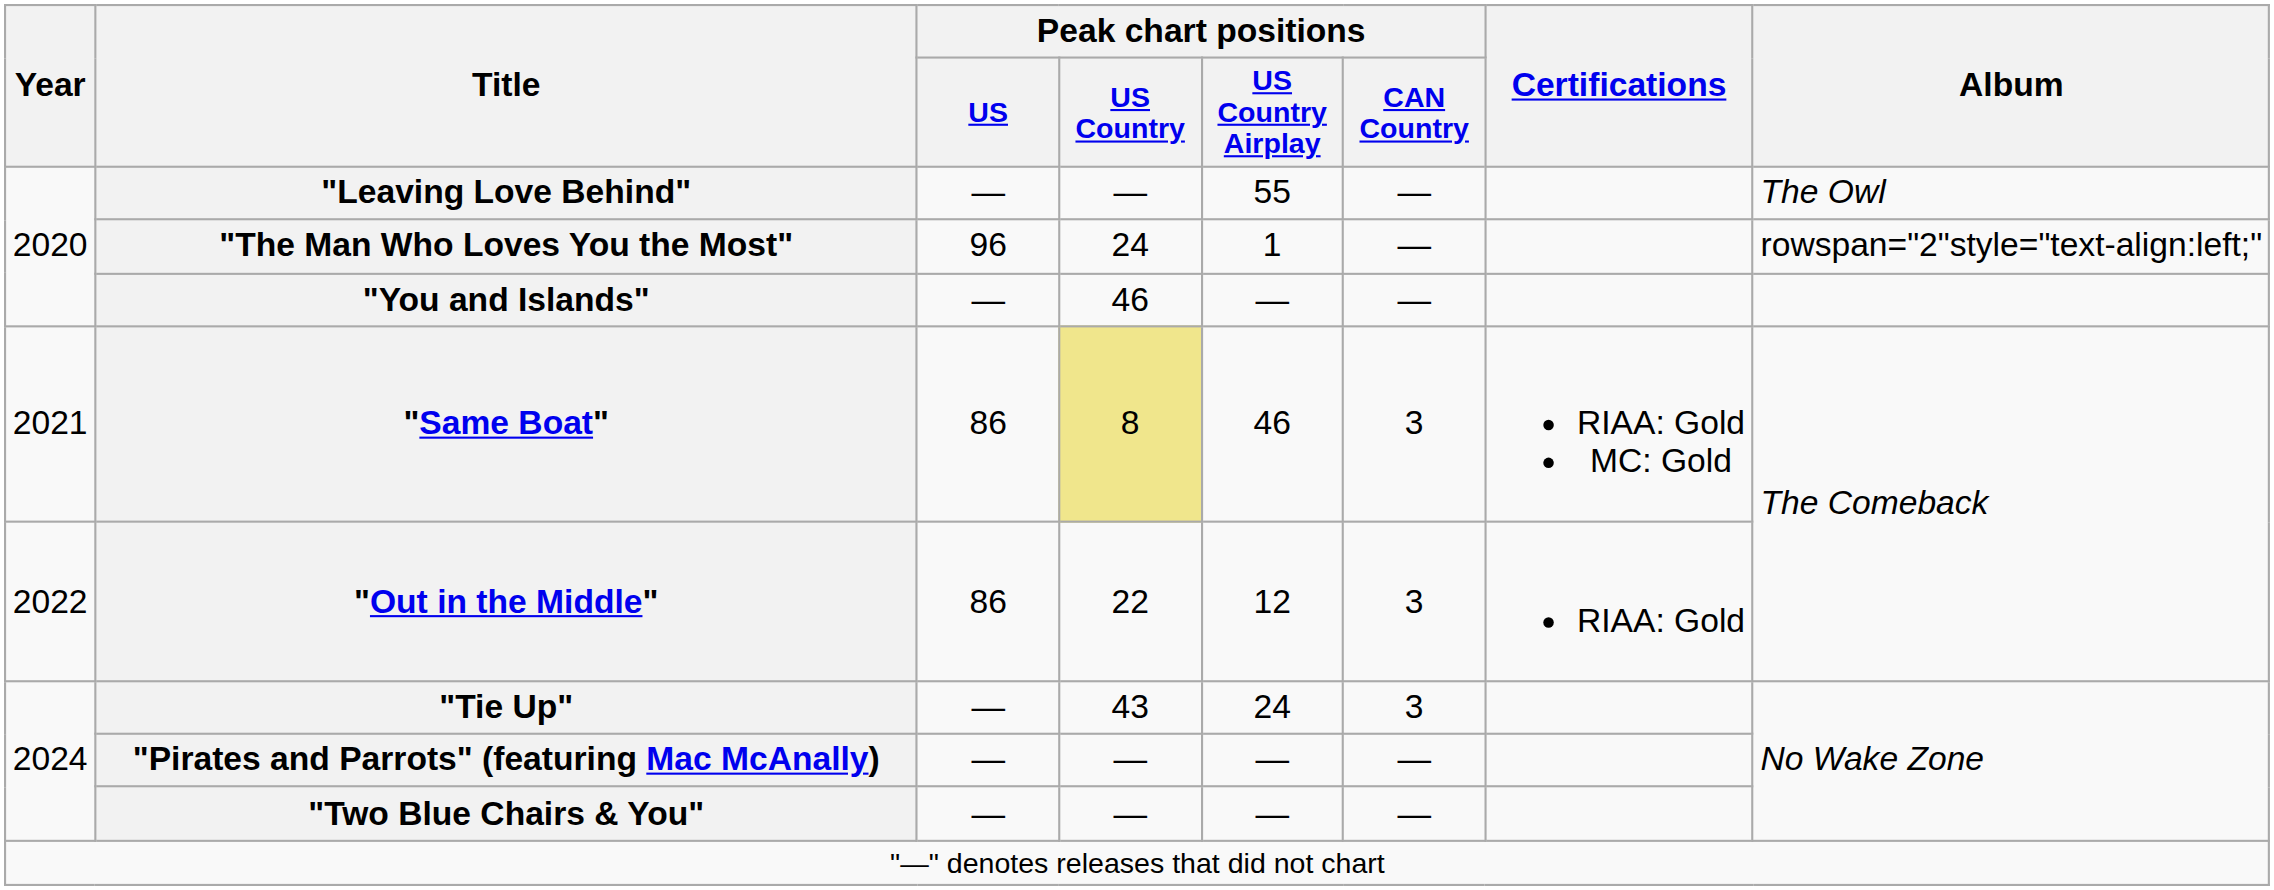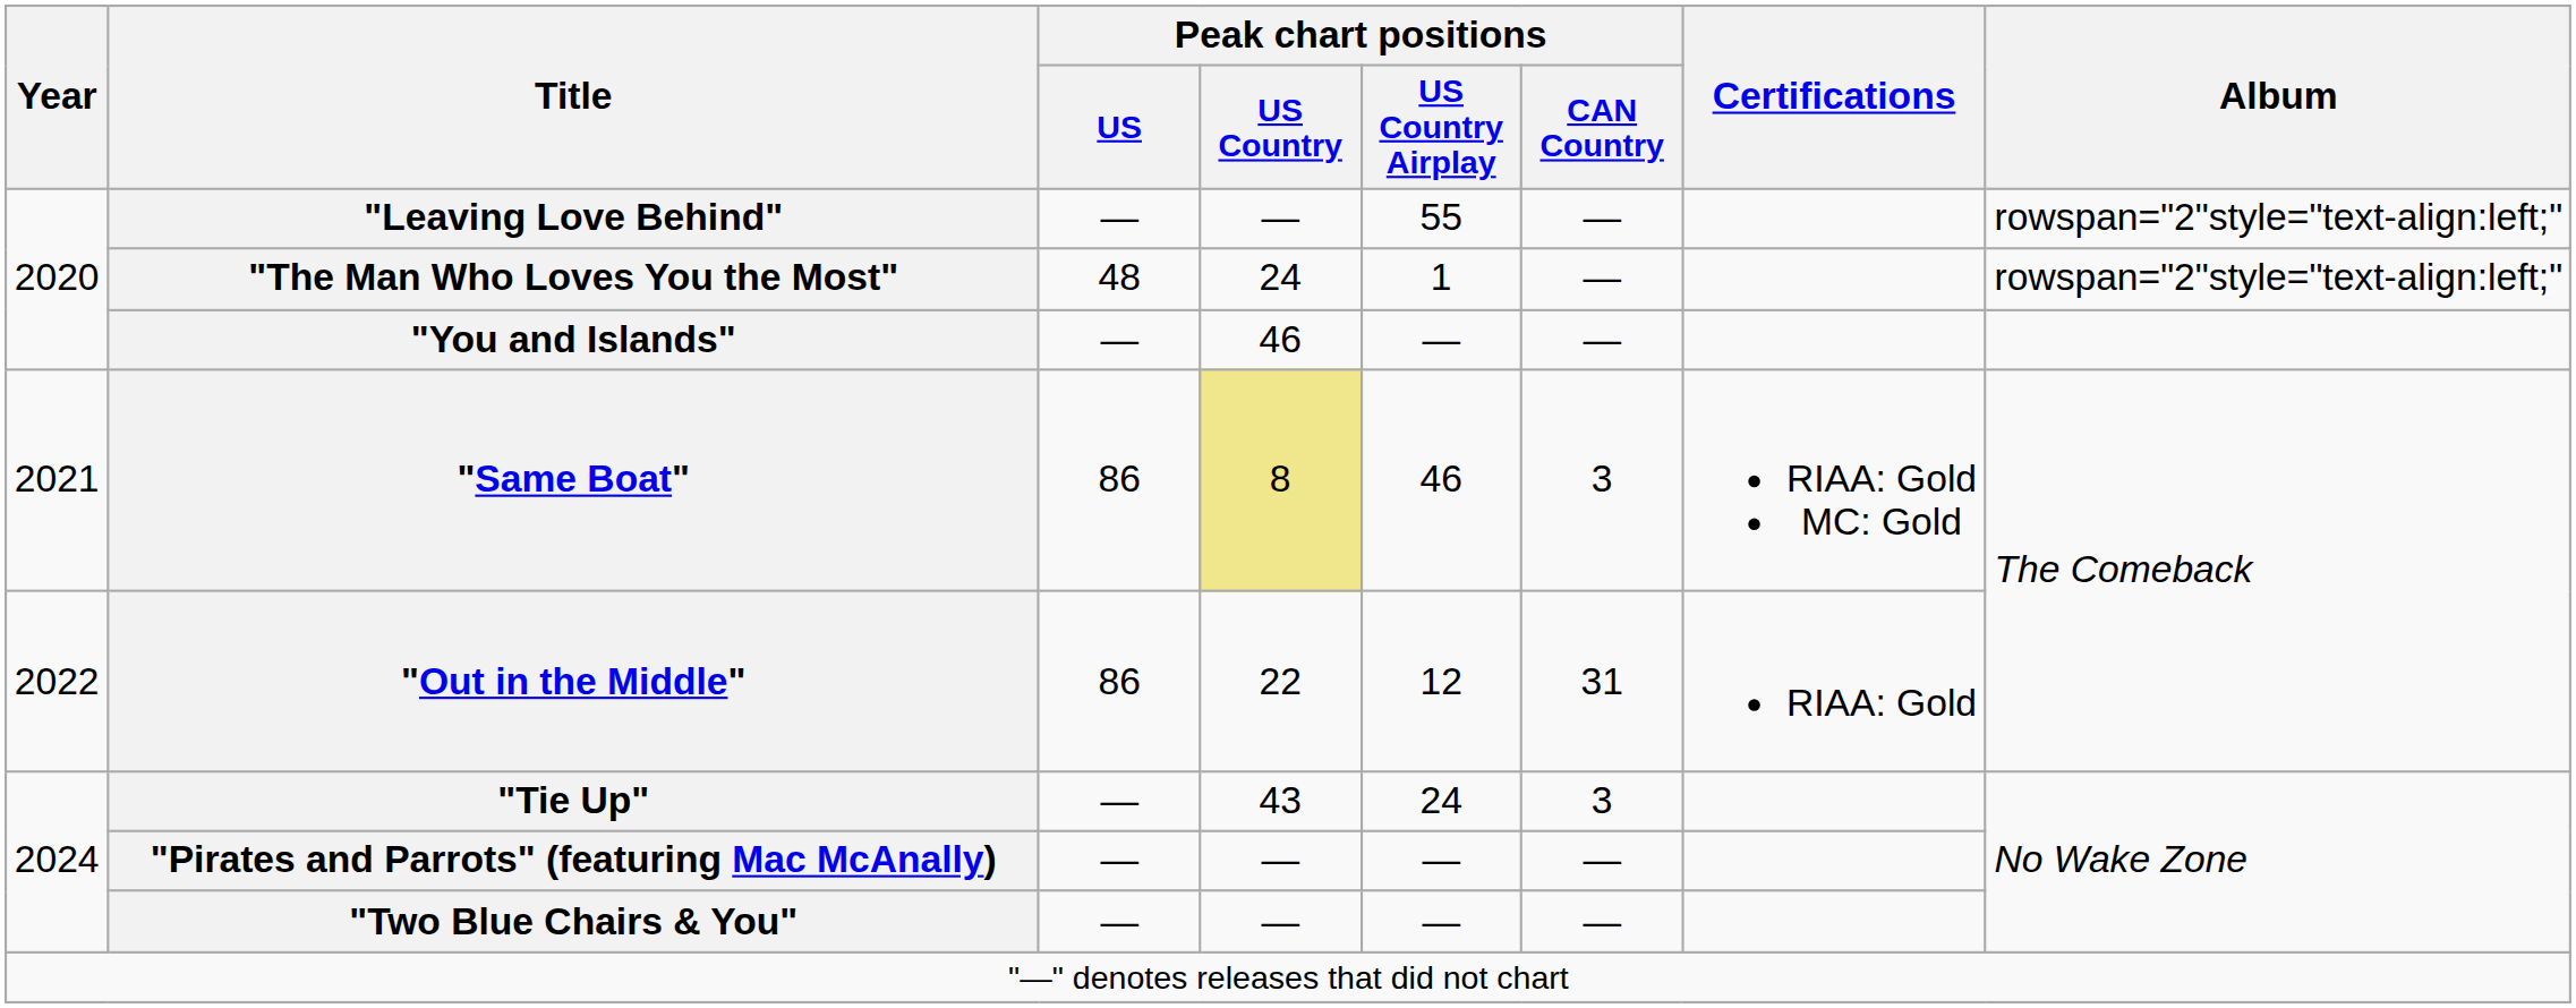 <table class="wikitable plainrowheaders" style="text-align:center;">
 <tr>
 <th scope="col" rowspan="2">Year</th>
 <th scope="col" rowspan="2" style="width:24em;">Title</th>
 <th scope="col" colspan="4">Peak chart positions</th>
 <th rowspan="2"><a href='#'>Certifications</a></th>
 <th rowspan="2" scope="col">Album</th>
 </tr>
 <tr>
 <th scope="col" style="width:4.5em;font-size:85%;"><a href='#'>US</a><br></th>
 <th scope="col" style="width:4.5em;font-size:85%;"><a href='#'>US Country</a><br></th>
 <th scope="col" style="width:4.5em;font-size:85%;"><a href='#'>US Country Airplay</a><br></th>
 <th scope="col" style="width:4.5em;font-size:85%;"><a href='#'>CAN Country</a><br></th>
 </tr>
 <tr>
 <td rowspan="3">2020</td>
 <th scope="row">"Leaving Love Behind"</th>
 <td>—</td>
 <td>—</td>
 <td>55</td>
 <td>—</td>
 <td></td>
-<td style="text-align:left;"><em>The Owl</em></td>
+<td>rowspan="2"style="text-align:left;" </td>
 </tr>
 <tr>
 <th scope="row">"The Man Who Loves You the Most"</th>
-<td>96</td>
+<td>48</td>
 <td>24</td>
 <td>1</td>
 <td>—</td>
 <td></td>
 <td>rowspan="2"style="text-align:left;" </td>
 </tr>
 <tr>
 <th scope="row">"You and Islands"</th>
 <td>—</td>
 <td>46</td>
 <td>—</td>
 <td>—</td>
 <td></td>
 </tr>
 <tr>
 <td>2021</td>
 <th scope="row">"<a href='#'>Same Boat</a>"</th>
 <td>86</td>
 <td style="background: khaki;">8</td>
 <td>46</td>
 <td>3</td>
 <td><br><ul><li>RIAA: Gold</li><li>MC: Gold</li></ul></td>
 <td rowspan="2" style="text-align:left;"><em>The Comeback</em></td>
 </tr>
 <tr>
 <td>2022</td>
 <th scope="row">"<a href='#'>Out in the Middle</a>"</th>
 <td>86</td>
 <td>22</td>
 <td>12</td>
-<td>3</td>
+<td>31</td>
 <td><br><ul><li>RIAA: Gold</li></ul></td>
 </tr>
 <tr>
 <td rowspan="3">2024</td>
 <th scope="row">"Tie Up"</th>
 <td>—</td>
 <td>43</td>
 <td>24</td>
 <td>3</td>
 <td></td>
 <td rowspan="3" style="text-align:left;"><em>No Wake Zone</em></td>
 </tr>
 <tr>
 <th scope="row">"Pirates and Parrots" (featuring <a href='#'>Mac McAnally</a>)</th>
 <td>—</td>
 <td>—</td>
 <td>—</td>
 <td>—</td>
 <td></td>
 </tr>
 <tr>
 <th scope="row">"Two Blue Chairs & You"</th>
 <td>—</td>
 <td>—</td>
 <td>—</td>
 <td>—</td>
 <td></td>
 </tr>
 <tr>
 <td colspan="15" style="font-size:85%">"—" denotes releases that did not chart</td>
 </tr>
 </table>
